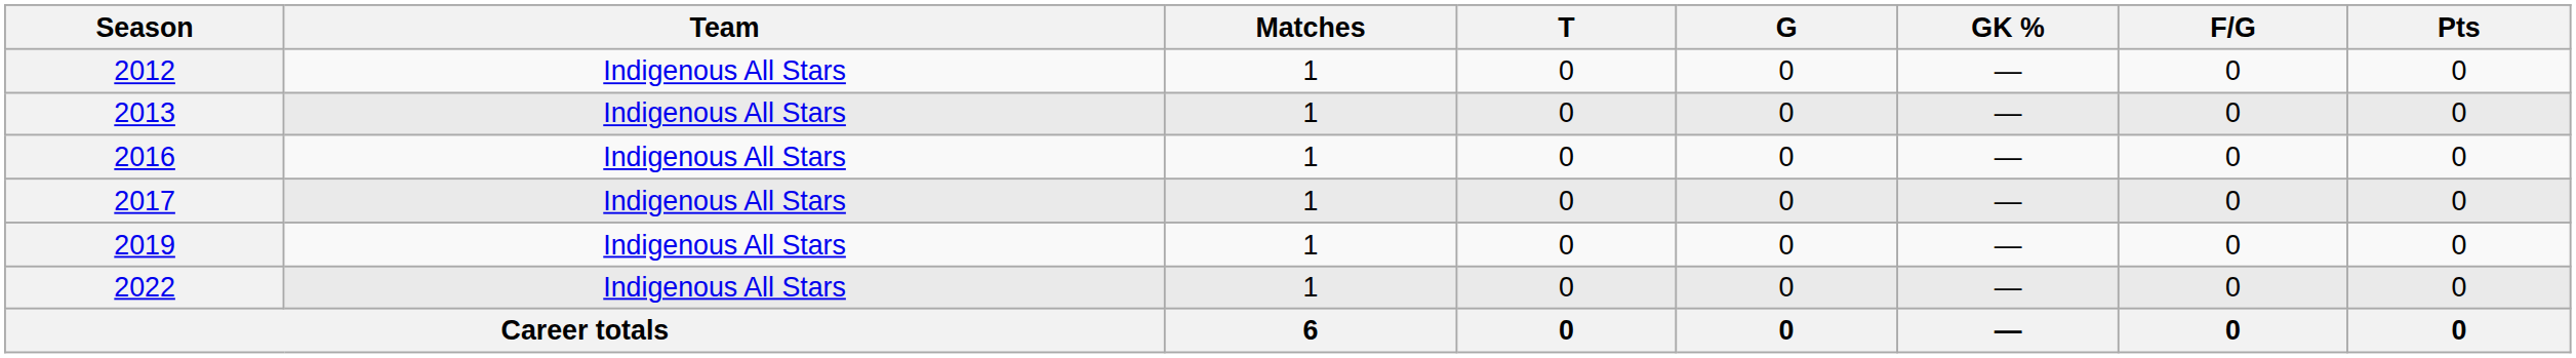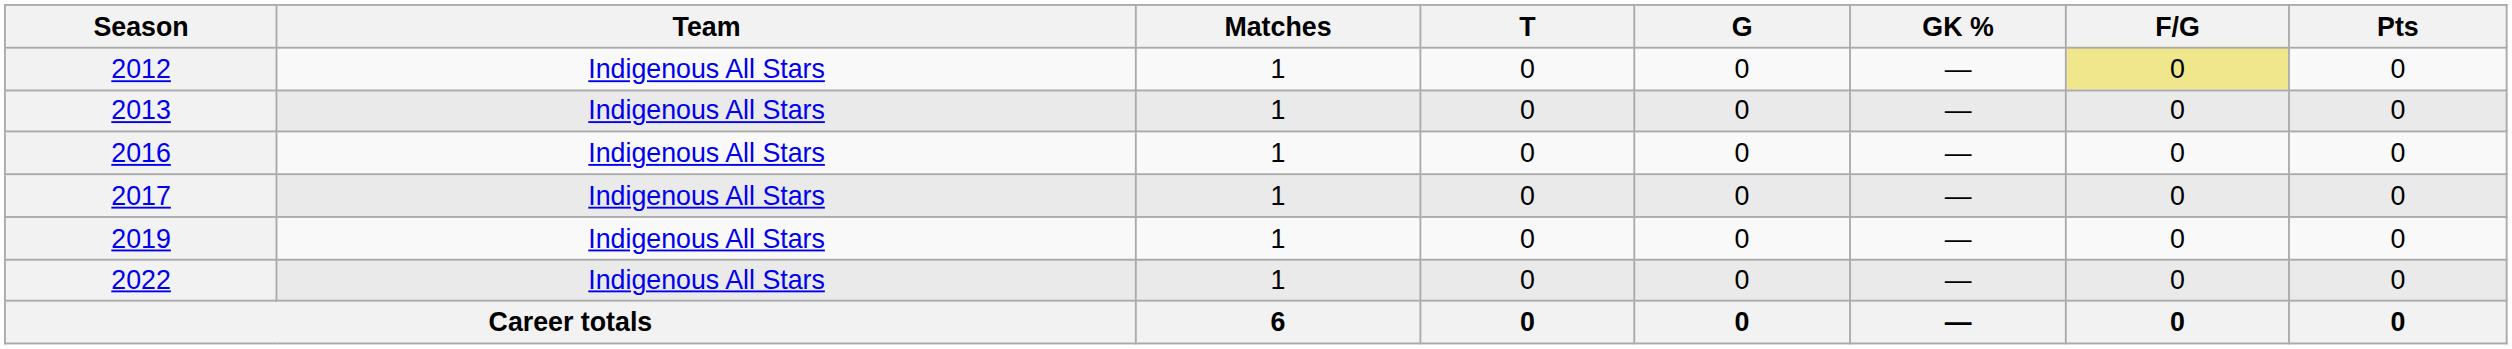 <table class="wikitable sortable"  style="font-size:90%; text-align:center; width:85%;">
 <tr>
 <th width=2%>Season</th>
 <th width=8%>Team</th>
 <th width=2%>Matches</th>
 <th width=2%>T</th>
 <th width=2%>G</th>
 <th width=2%>GK %</th>
 <th width=2%>F/G</th>
 <th width=2%>Pts</th>
 </tr>
 <tr>
 <th scope="row" style="text-align:center; font-weight:normal"><a href='#'>2012</a></th>
 <td style="text-align:center;"> <a href='#'>Indigenous All Stars</a></td>
 <td>1</td>
 <td>0</td>
 <td>0</td>
 <td>—</td>
-<td>0</td>
+<td style="background: khaki;">0</td>
 <td>0</td>
 </tr>
 <tr style="background:#eaeaea;">
 <th scope="row" style="text-align:center; font-weight:normal"><a href='#'>2013</a></th>
 <td style="text-align:center;"> <a href='#'>Indigenous All Stars</a></td>
 <td>1</td>
 <td>0</td>
 <td>0</td>
 <td>—</td>
 <td>0</td>
 <td>0</td>
 </tr>
 <tr>
 <th scope="row" style="text-align:center; font-weight:normal"><a href='#'>2016</a></th>
 <td style="text-align:center;"> <a href='#'>Indigenous All Stars</a></td>
 <td>1</td>
 <td>0</td>
 <td>0</td>
 <td>—</td>
 <td>0</td>
 <td>0</td>
 </tr>
 <tr style="background:#eaeaea;">
 <th scope="row" style="text-align:center; font-weight:normal"><a href='#'>2017</a></th>
 <td style="text-align:center;"> <a href='#'>Indigenous All Stars</a></td>
 <td>1</td>
 <td>0</td>
 <td>0</td>
 <td>—</td>
 <td>0</td>
 <td>0</td>
 </tr>
 <tr>
 <th scope="row" style="text-align:center; font-weight:normal"><a href='#'>2019</a></th>
 <td style="text-align:center;"> <a href='#'>Indigenous All Stars</a></td>
 <td>1</td>
 <td>0</td>
 <td>0</td>
 <td>—</td>
 <td>0</td>
 <td>0</td>
 </tr>
 <tr style="background:#eaeaea;">
 <th scope="row" style="text-align:center; font-weight:normal"><a href='#'>2022</a></th>
 <td style="text-align:center;"> <a href='#'>Indigenous All Stars</a></td>
 <td>1</td>
 <td>0</td>
 <td>0</td>
 <td>—</td>
 <td>0</td>
 <td>0</td>
 </tr>
 <tr class="sortbottom">
 <th colspan=2>Career totals</th>
 <th>6</th>
 <th>0</th>
 <th>0</th>
 <th>—</th>
 <th>0</th>
 <th>0</th>
 </tr>
 </table>
